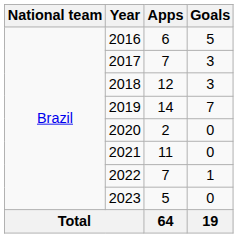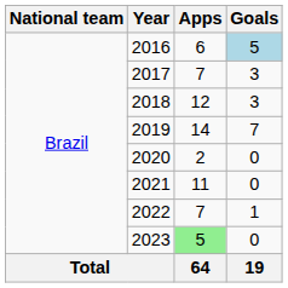 <table class="wikitable" style="text-align: center;">
 <tr>
 <th>National team</th>
 <th>Year</th>
 <th>Apps</th>
 <th>Goals</th>
 </tr>
 <tr>
 <td rowspan=8><a href='#'>Brazil</a></td>
 <td>2016</td>
 <td>6</td>
-<td>5</td>
+<td style="background: lightblue;">5</td>
 </tr>
 <tr>
 <td>2017</td>
 <td>7</td>
 <td>3</td>
 </tr>
 <tr>
 <td>2018</td>
 <td>12</td>
 <td>3</td>
 </tr>
 <tr>
 <td>2019</td>
 <td>14</td>
 <td>7</td>
 </tr>
 <tr>
 <td>2020</td>
 <td>2</td>
 <td>0</td>
 </tr>
 <tr>
 <td>2021</td>
 <td>11</td>
 <td>0</td>
 </tr>
 <tr>
 <td>2022</td>
 <td>7</td>
 <td>1</td>
 </tr>
 <tr>
 <td>2023</td>
-<td>5</td>
+<td style="background: lightgreen;">5</td>
 <td>0</td>
 </tr>
 <tr>
 <th colspan=2>Total</th>
 <th>64</th>
 <th>19</th>
 </tr>
 </table>
